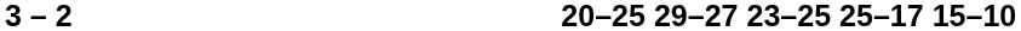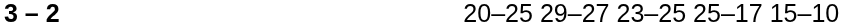 <table>
 <tr>
 <th width=200></th>
 <th width=80></th>
 <th width=200></th>
 <th width=220></th>
 </tr>
 <tr style=font-size:90%>
 <td align=right><strong></strong></td>
 <td align=center><strong>3 – 2</strong></td>
 <td></td>
-<td><strong>20–25 29–27 23–25 25–17 15–10</strong></td>
+<td>20–25 29–27 23–25 25–17 15–10</td>
 </tr>
 </table>
